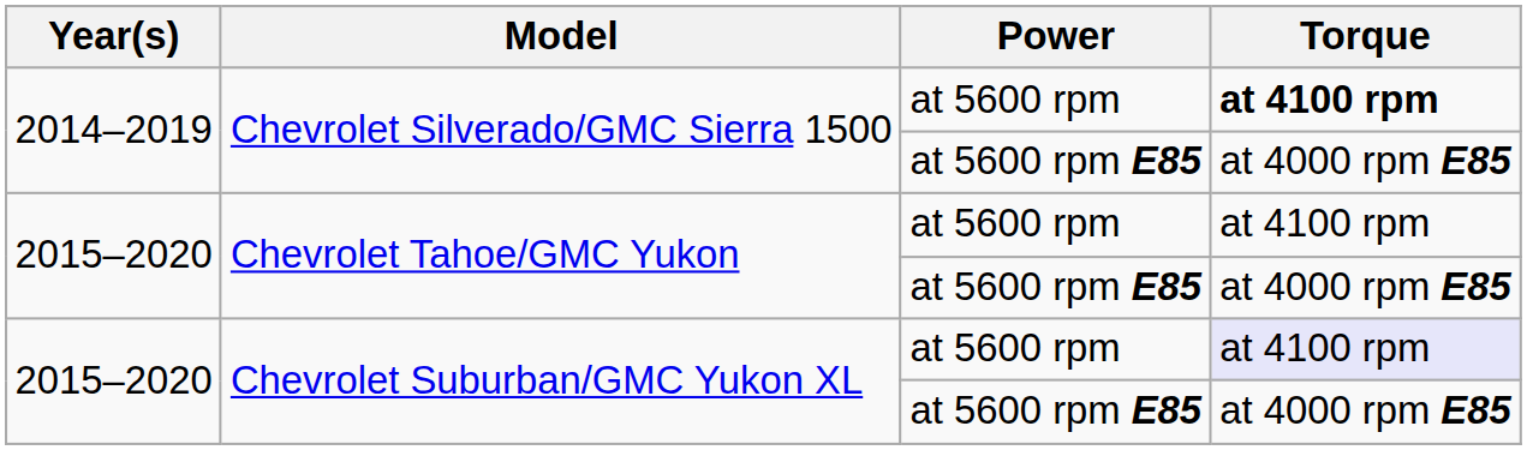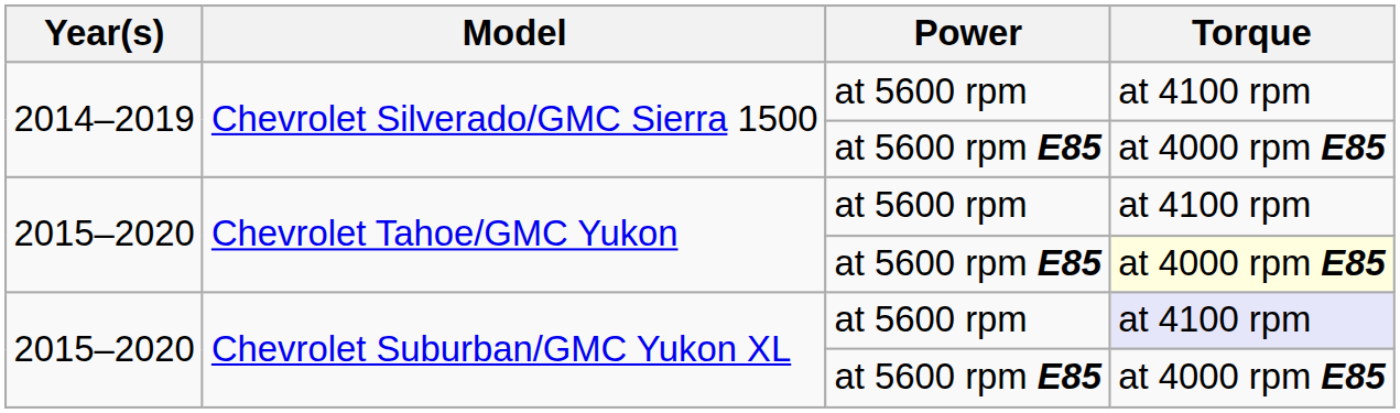 <table class="wikitable">
 <tr>
 <th scope="col">Year(s)</th>
 <th scope="col">Model</th>
 <th scope="col">Power</th>
 <th scope="col">Torque</th>
 </tr>
 <tr>
 <td rowspan="2">2014–2019</td>
 <td rowspan="2"><a href='#'>Chevrolet Silverado/GMC Sierra</a> 1500</td>
 <td> at 5600 rpm</td>
-<td><strong> at 4100 rpm</strong></td>
+<td> at 4100 rpm</td>
 </tr>
 <tr>
 <td> at 5600 rpm <strong><em>E85</em></strong></td>
 <td> at 4000 rpm <strong><em>E85</em></strong></td>
 </tr>
 <tr>
 <td rowspan="2">2015–2020</td>
 <td rowspan="2"><a href='#'>Chevrolet Tahoe/GMC Yukon</a></td>
 <td> at 5600 rpm</td>
 <td> at 4100 rpm</td>
 </tr>
 <tr>
 <td> at 5600 rpm <strong><em>E85</em></strong></td>
-<td> at 4000 rpm <strong><em>E85</em></strong></td>
+<td style="background: lightyellow;"> at 4000 rpm <strong><em>E85</em></strong></td>
 </tr>
 <tr>
 <td rowspan="2">2015–2020</td>
 <td rowspan="2"><a href='#'>Chevrolet Suburban/GMC Yukon XL</a></td>
 <td> at 5600 rpm</td>
 <td style="background: lavender;"> at 4100 rpm</td>
 </tr>
 <tr>
 <td> at 5600 rpm <strong><em>E85</em></strong></td>
 <td> at 4000 rpm <strong><em>E85</em></strong></td>
 </tr>
 </table>
